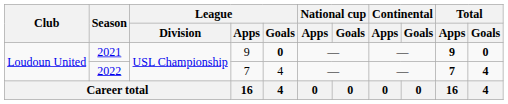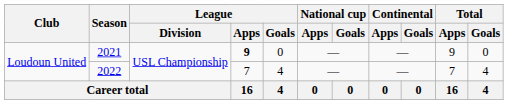 <table class=wikitable style=text-align:center>
 <tr>
 <th rowspan="2">Club</th>
 <th rowspan="2">Season</th>
 <th colspan="3">League</th>
 <th colspan="2">National cup</th>
 <th colspan="2">Continental</th>
 <th colspan="2">Total</th>
 </tr>
 <tr>
 <th>Division</th>
 <th>Apps</th>
 <th>Goals</th>
 <th>Apps</th>
 <th>Goals</th>
 <th>Apps</th>
 <th>Goals</th>
 <th>Apps</th>
 <th>Goals</th>
 </tr>
 <tr>
 <td rowspan="2"><a href='#'>Loudoun United</a></td>
 <td><a href='#'>2021</a></td>
 <td rowspan="2"><a href='#'>USL Championship</a></td>
-<td>9</td>
-<td><strong>0</strong></td>
+<td><strong>9</strong></td>
+<td>0</td>
 <td colspan="2">—</td>
 <td colspan="2">—</td>
-<td><strong>9</strong></td>
-<td><strong>0</strong></td>
+<td>9</td>
+<td>0</td>
 </tr>
 <tr>
 <td><a href='#'>2022</a></td>
 <td>7</td>
 <td>4</td>
 <td colspan="2">—</td>
 <td colspan="2">—</td>
-<td><strong>7</strong></td>
-<td><strong>4</strong></td>
+<td>7</td>
+<td>4</td>
 </tr>
 <tr>
 <th colspan="3">Career total</th>
 <th>16</th>
 <th>4</th>
 <th>0</th>
 <th>0</th>
 <th>0</th>
 <th>0</th>
 <th>16</th>
 <th>4</th>
 </tr>
 </table>
